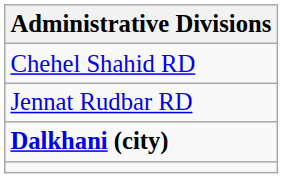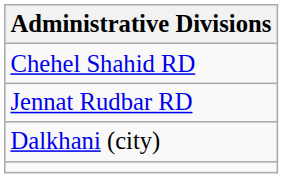 <table class="wikitable">
 <tr>
 <th>Administrative Divisions</th>
 </tr>
 <tr>
 <td><a href='#'>Chehel Shahid RD</a></td>
 </tr>
 <tr>
 <td><a href='#'>Jennat Rudbar RD</a></td>
 </tr>
 <tr>
-<td><strong><a href='#'>Dalkhani</a> (city)</strong></td>
+<td><a href='#'>Dalkhani</a> (city)</td>
 </tr>
 <tr>
 <td colspan=1></td>
 </tr>
 </table>
